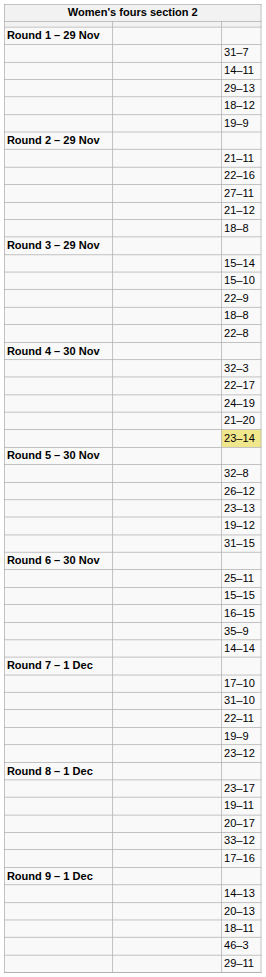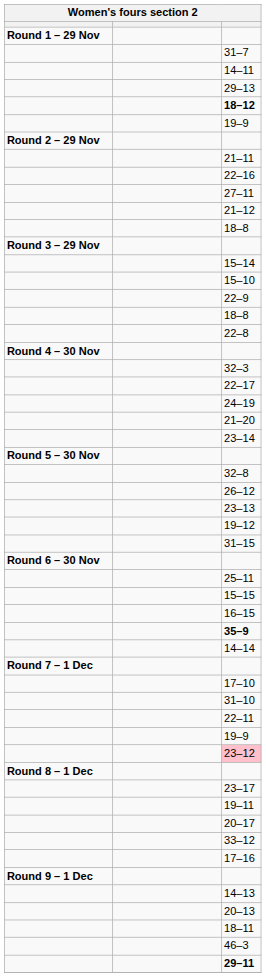 <table class="wikitable">
 <tr>
 <th colspan="3">Women's fours section 2</th>
 </tr>
 <tr>
 <th width=150></th>
 <th width=150></th>
 <th width=50></th>
 </tr>
 <tr>
 <td><strong>Round 1 – 29 Nov</strong></td>
 <td></td>
 <td></td>
 </tr>
 <tr>
 <td></td>
 <td></td>
 <td>31–7</td>
 </tr>
 <tr>
 <td></td>
 <td></td>
 <td>14–11</td>
 </tr>
 <tr>
 <td></td>
 <td></td>
 <td>29–13</td>
 </tr>
 <tr>
 <td></td>
 <td></td>
-<td>18–12</td>
+<td><strong>18–12</strong></td>
 </tr>
 <tr>
 <td></td>
 <td></td>
 <td>19–9</td>
 </tr>
 <tr>
 <td><strong>Round 2 – 29 Nov</strong></td>
 <td></td>
 <td></td>
 </tr>
 <tr>
 <td></td>
 <td></td>
 <td>21–11</td>
 </tr>
 <tr>
 <td></td>
 <td></td>
 <td>22–16</td>
 </tr>
 <tr>
 <td></td>
 <td></td>
 <td>27–11</td>
 </tr>
 <tr>
 <td></td>
 <td></td>
 <td>21–12</td>
 </tr>
 <tr>
 <td></td>
 <td></td>
 <td>18–8</td>
 </tr>
 <tr>
 <td><strong>Round 3 – 29 Nov</strong></td>
 <td></td>
 <td></td>
 </tr>
 <tr>
 <td></td>
 <td></td>
 <td>15–14</td>
 </tr>
 <tr>
 <td></td>
 <td></td>
 <td>15–10</td>
 </tr>
 <tr>
 <td></td>
 <td></td>
 <td>22–9</td>
 </tr>
 <tr>
 <td></td>
 <td></td>
 <td>18–8</td>
 </tr>
 <tr>
 <td></td>
 <td></td>
 <td>22–8</td>
 </tr>
 <tr>
 <td><strong>Round 4 – 30 Nov</strong></td>
 <td></td>
 <td></td>
 </tr>
 <tr>
 <td></td>
 <td></td>
 <td>32–3</td>
 </tr>
 <tr>
 <td></td>
 <td></td>
 <td>22–17</td>
 </tr>
 <tr>
 <td></td>
 <td></td>
 <td>24–19</td>
 </tr>
 <tr>
 <td></td>
 <td></td>
 <td>21–20</td>
 </tr>
 <tr>
 <td></td>
 <td></td>
-<td style="background: khaki;">23–14</td>
+<td>23–14</td>
 </tr>
 <tr>
 <td><strong>Round 5 – 30 Nov</strong></td>
 <td></td>
 <td></td>
 </tr>
 <tr>
 <td></td>
 <td></td>
 <td>32–8</td>
 </tr>
 <tr>
 <td></td>
 <td></td>
 <td>26–12</td>
 </tr>
 <tr>
 <td></td>
 <td></td>
 <td>23–13</td>
 </tr>
 <tr>
 <td></td>
 <td></td>
 <td>19–12</td>
 </tr>
 <tr>
 <td></td>
 <td></td>
 <td>31–15</td>
 </tr>
 <tr>
 <td><strong>Round 6  – 30 Nov </strong></td>
 <td></td>
 <td></td>
 </tr>
 <tr>
 <td></td>
 <td></td>
 <td>25–11</td>
 </tr>
 <tr>
 <td></td>
 <td></td>
 <td>15–15</td>
 </tr>
 <tr>
 <td></td>
 <td></td>
 <td>16–15</td>
 </tr>
 <tr>
 <td></td>
 <td></td>
-<td>35–9</td>
+<td><strong>35–9</strong></td>
 </tr>
 <tr>
 <td></td>
 <td></td>
 <td>14–14</td>
 </tr>
 <tr>
 <td><strong>Round 7 – 1 Dec </strong></td>
 <td></td>
 <td></td>
 </tr>
 <tr>
 <td></td>
 <td></td>
 <td>17–10</td>
 </tr>
 <tr>
 <td></td>
 <td></td>
 <td>31–10</td>
 </tr>
 <tr>
 <td></td>
 <td></td>
 <td>22–11</td>
 </tr>
 <tr>
 <td></td>
 <td></td>
 <td>19–9</td>
 </tr>
 <tr>
 <td></td>
 <td></td>
-<td>23–12</td>
+<td style="background: pink;">23–12</td>
 </tr>
 <tr>
 <td><strong>Round 8 – 1 Dec </strong></td>
 <td></td>
 <td></td>
 </tr>
 <tr>
 <td></td>
 <td></td>
 <td>23–17</td>
 </tr>
 <tr>
 <td></td>
 <td></td>
 <td>19–11</td>
 </tr>
 <tr>
 <td></td>
 <td></td>
 <td>20–17</td>
 </tr>
 <tr>
 <td></td>
 <td></td>
 <td>33–12</td>
 </tr>
 <tr>
 <td></td>
 <td></td>
 <td>17–16</td>
 </tr>
 <tr>
 <td><strong>Round 9 – 1 Dec </strong></td>
 <td></td>
 <td></td>
 </tr>
 <tr>
 <td></td>
 <td></td>
 <td>14–13</td>
 </tr>
 <tr>
 <td></td>
 <td></td>
 <td>20–13</td>
 </tr>
 <tr>
 <td></td>
 <td></td>
 <td>18–11</td>
 </tr>
 <tr>
 <td></td>
 <td></td>
 <td>46–3</td>
 </tr>
 <tr>
 <td></td>
 <td></td>
-<td>29–11</td>
+<td><strong>29–11</strong></td>
 </tr>
 <tr>
 </tr>
 </table>
